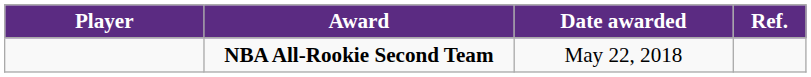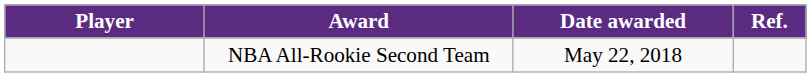 <table class="wikitable sortable sortable" style="text-align: center">
 <tr>
 <th style="background:#5b2b82; color:white" width="5%">Player</th>
 <th style="background:#5b2b82; color:white" width="9%">Award</th>
 <th style="background:#5b2b82; color:white" width="5%">Date awarded</th>
 <th style="background:#5b2b82; color:white" width="1%" class="unsortable">Ref.</th>
 </tr>
 <tr>
 <td></td>
-<td><strong>NBA All-Rookie Second Team</strong></td>
+<td>NBA All-Rookie Second Team</td>
 <td>May 22, 2018</td>
 <td align=center></td>
 </tr>
 </table>
